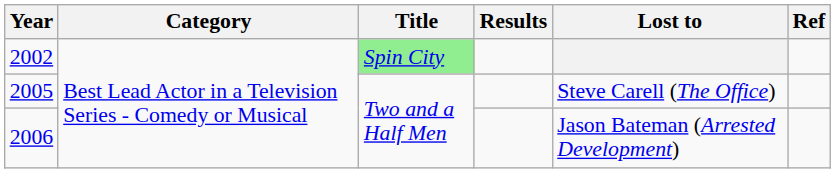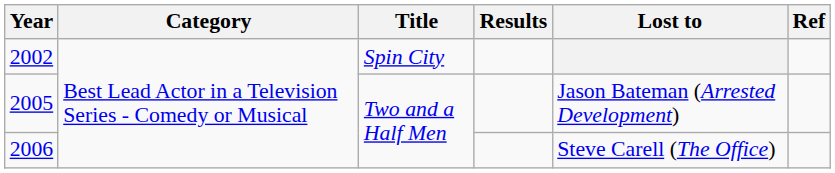 <table class="wikitable">
 <tr>
 <th>Year</th>
 <th>Category</th>
 <th>Title</th>
 <th>Results</th>
 <th>Lost to</th>
 <th>Ref</th>
 </tr>
 <tr>
 <td><a href='#'>2002</a></td>
 <td rowspan="3"><a href='#'>Best Lead Actor in a Television Series - Comedy or Musical</a></td>
-<td style="background: lightgreen;"><em><a href='#'>Spin City</a></em></td>
+<td><em><a href='#'>Spin City</a></em></td>
 <td></td>
 <th></th>
 <td></td>
 </tr>
 <tr>
 <td><a href='#'>2005</a></td>
 <td rowspan="2"><em><a href='#'>Two and a Half Men</a></em></td>
 <td></td>
-<td><a href='#'>Steve Carell</a> (<em><a href='#'>The Office</a></em>)</td>
+<td><a href='#'>Jason Bateman</a> (<em><a href='#'>Arrested Development</a></em>)</td>
 <td></td>
 </tr>
 <tr>
 <td><a href='#'>2006</a></td>
 <td></td>
-<td><a href='#'>Jason Bateman</a> (<em><a href='#'>Arrested Development</a></em>)</td>
+<td><a href='#'>Steve Carell</a> (<em><a href='#'>The Office</a></em>)</td>
 <td></td>
 </tr>
 </table>
